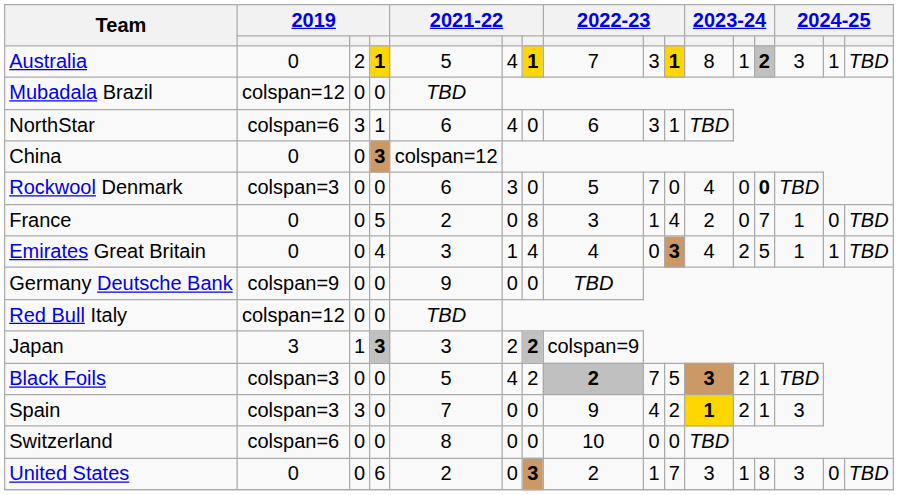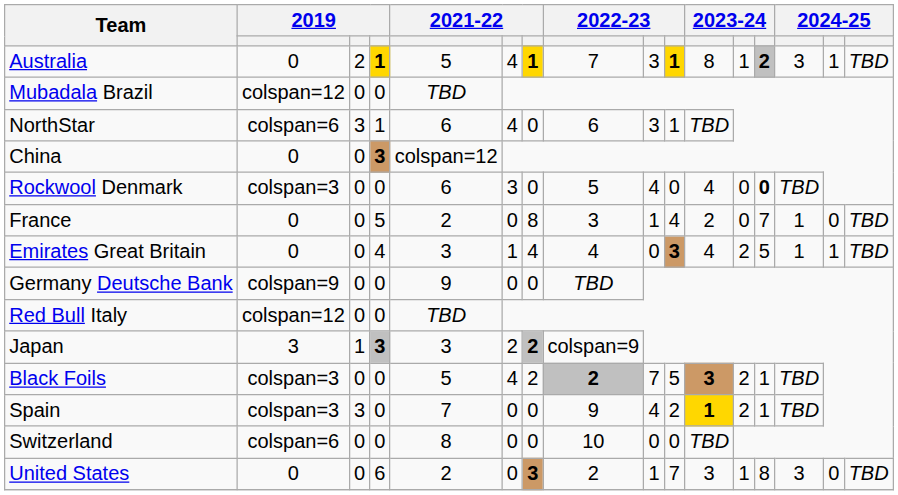 <table class="wikitable sortable" style="text-align:center">
 <tr>
 <th rowspan="2">Team</th>
 <th colspan="3"><a href='#'>2019</a></th>
 <th colspan="3"><a href='#'>2021-22</a></th>
 <th colspan="3"><a href='#'>2022-23</a></th>
 <th colspan="3"><a href='#'>2023-24</a></th>
 <th colspan="3"><a href='#'>2024-25</a></th>
 </tr>
 <tr>
 <th></th>
 <th></th>
 <th></th>
 <th></th>
 <th></th>
 <th></th>
 <th></th>
 <th></th>
 <th></th>
 <th></th>
 <th></th>
 <th></th>
 <th></th>
 <th></th>
 <th></th>
 </tr>
 <tr>
 <td align="left" nowrap=""> <a href='#'>Australia</a></td>
 <td>0</td>
 <td>2</td>
 <td bgcolor="gold"><strong>1</strong></td>
 <td>5</td>
 <td>4</td>
 <td bgcolor="gold"><strong>1</strong></td>
 <td>7</td>
 <td>3</td>
 <td bgcolor="gold"><strong>1</strong></td>
 <td>8</td>
 <td>1</td>
 <td bgcolor="silver"><strong>2</strong></td>
 <td>3</td>
 <td>1</td>
 <td><em>TBD</em></td>
 </tr>
 <tr>
 <td align="left" nowrap=""> <a href='#'>Mubadala</a> Brazil</td>
 <td>colspan=12 </td>
 <td>0</td>
 <td>0</td>
 <td><em>TBD</em></td>
 </tr>
 <tr>
 <td align="left" nowrap=""> NorthStar</td>
 <td>colspan=6 </td>
 <td>3</td>
 <td>1</td>
 <td>6</td>
 <td>4</td>
 <td>0</td>
 <td>6</td>
 <td>3</td>
 <td>1</td>
 <td><em>TBD</em></td>
 </tr>
 <tr>
 <td align="left" nowrap=""> China</td>
 <td>0</td>
 <td>0</td>
 <td bgcolor="cc9966"><strong>3</strong></td>
 <td>colspan=12 </td>
 </tr>
 <tr>
 <td align="left" nowrap=""> <a href='#'>Rockwool</a> Denmark</td>
 <td>colspan=3 </td>
 <td>0</td>
 <td>0</td>
 <td>6</td>
 <td>3</td>
 <td>0</td>
 <td>5</td>
-<td>7</td>
+<td>4</td>
 <td>0</td>
 <td>4</td>
 <td>0</td>
 <td><strong>0</strong></td>
 <td><em>TBD</em></td>
 </tr>
 <tr>
 <td align="left" nowrap=""> France</td>
 <td>0</td>
 <td>0</td>
 <td>5</td>
 <td>2</td>
 <td>0</td>
 <td>8</td>
 <td>3</td>
 <td>1</td>
 <td>4</td>
 <td>2</td>
 <td>0</td>
 <td>7</td>
 <td>1</td>
 <td>0</td>
 <td><em>TBD</em></td>
 </tr>
 <tr>
 <td align="left" nowrap=""> <a href='#'>Emirates</a> Great Britain</td>
 <td>0</td>
 <td>0</td>
 <td>4</td>
 <td>3</td>
 <td>1</td>
 <td>4</td>
 <td>4</td>
 <td>0</td>
 <td bgcolor="cc9966"><strong>3</strong></td>
 <td>4</td>
 <td>2</td>
 <td>5</td>
 <td>1</td>
 <td>1</td>
 <td><em>TBD</em></td>
 </tr>
 <tr>
 <td align="left" nowrap=""> Germany <a href='#'>Deutsche Bank</a></td>
 <td>colspan=9 </td>
 <td>0</td>
 <td>0</td>
 <td>9</td>
 <td>0</td>
 <td>0</td>
 <td><em>TBD</em></td>
 </tr>
 <tr>
 <td align="left" nowrap=""> <a href='#'>Red Bull</a> Italy</td>
 <td>colspan=12 </td>
 <td>0</td>
 <td>0</td>
 <td><em>TBD</em></td>
 </tr>
 <tr>
 <td align="left" nowrap=""> Japan</td>
 <td>3</td>
 <td>1</td>
 <td bgcolor="silver"><strong>3</strong></td>
 <td>3</td>
 <td>2</td>
 <td bgcolor="silver"><strong>2</strong></td>
 <td>colspan=9 </td>
 </tr>
 <tr>
 <td align="left" nowrap=""> <a href='#'>Black Foils</a></td>
 <td>colspan=3 </td>
 <td>0</td>
 <td>0</td>
 <td>5</td>
 <td>4</td>
 <td>2</td>
 <td bgcolor="silver"><strong>2</strong></td>
 <td>7</td>
 <td>5</td>
 <td bgcolor="cc9966"><strong>3</strong></td>
 <td>2</td>
 <td>1</td>
 <td><em>TBD</em></td>
 </tr>
 <tr>
 <td align="left" nowrap=""> Spain</td>
 <td>colspan=3 </td>
 <td>3</td>
 <td>0</td>
 <td>7</td>
 <td>0</td>
 <td>0</td>
 <td>9</td>
 <td>4</td>
 <td>2</td>
 <td bgcolor="gold"><strong>1</strong></td>
 <td>2</td>
 <td>1</td>
-<td>3</td>
+<td><em>TBD</em></td>
 </tr>
 <tr>
 <td align="left" nowrap=""> Switzerland</td>
 <td>colspan=6 </td>
 <td>0</td>
 <td>0</td>
 <td>8</td>
 <td>0</td>
 <td>0</td>
 <td>10</td>
 <td>0</td>
 <td>0</td>
 <td><em>TBD</em></td>
 </tr>
 <tr>
 <td align="left" nowrap=""> <a href='#'>United States</a></td>
 <td>0</td>
 <td>0</td>
 <td>6</td>
 <td>2</td>
 <td>0</td>
 <td bgcolor="cc9966"><strong>3</strong></td>
 <td>2</td>
 <td>1</td>
 <td>7</td>
 <td>3</td>
 <td>1</td>
 <td>8</td>
 <td>3</td>
 <td>0</td>
 <td><em>TBD</em></td>
 </tr>
 <tr>
 </tr>
 </table>
